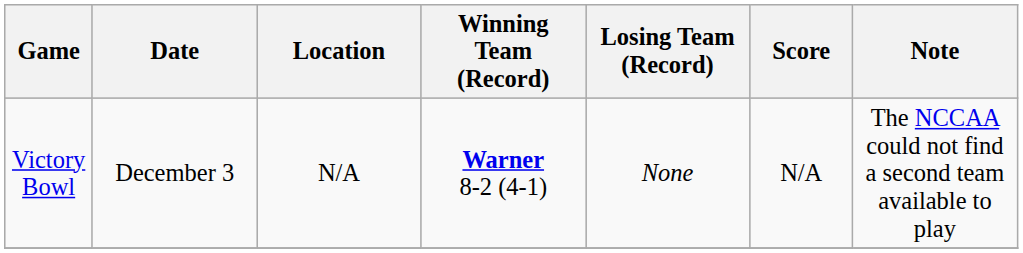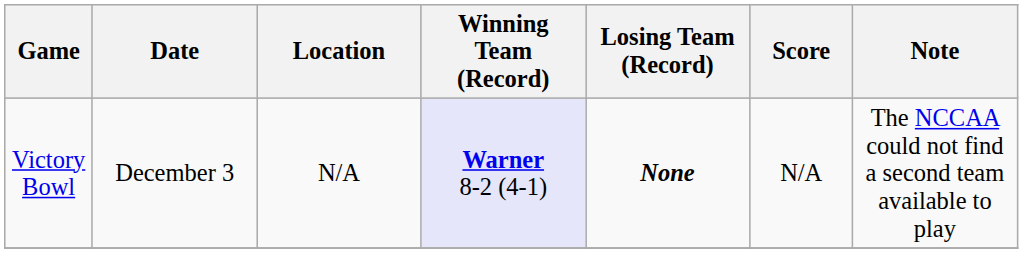 <table class="wikitable" style="text-align:center;">
 <tr>
 <th style="width:50px">Game</th>
 <th style="width:100px">Date</th>
 <th style="width:100px">Location</th>
 <th style="width:100px">Winning Team<br>(Record)</th>
 <th style="width:100px">Losing Team<br>(Record)</th>
 <th style="width:60px;">Score</th>
 <th style="width:100px">Note</th>
 </tr>
 <tr>
 <td><a href='#'>Victory Bowl</a></td>
 <td>December 3</td>
 <td>N/A</td>
-<td><strong><a href='#'>Warner</a></strong><br>8-2 (4-1)</td>
-<td><em>None</em></td>
+<td style="background: lavender;"><strong><a href='#'>Warner</a></strong><br>8-2 (4-1)</td>
+<td><strong><em>None</em></strong></td>
 <td>N/A</td>
 <td>The <a href='#'>NCCAA</a> could not find a second team available to play</td>
 </tr>
 <tr>
 </tr>
 </table>
